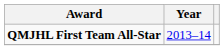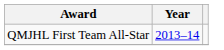 <table class="wikitable">
 <tr>
 <th>Award</th>
 <th>Year</th>
 <th></th>
 </tr>
 <tr>
-<td><strong>QMJHL First Team All-Star</strong></td>
+<td>QMJHL First Team All-Star</td>
 <td><a href='#'>2013–14</a></td>
 <td></td>
 </tr>
 <tr>
 </tr>
 </table>
